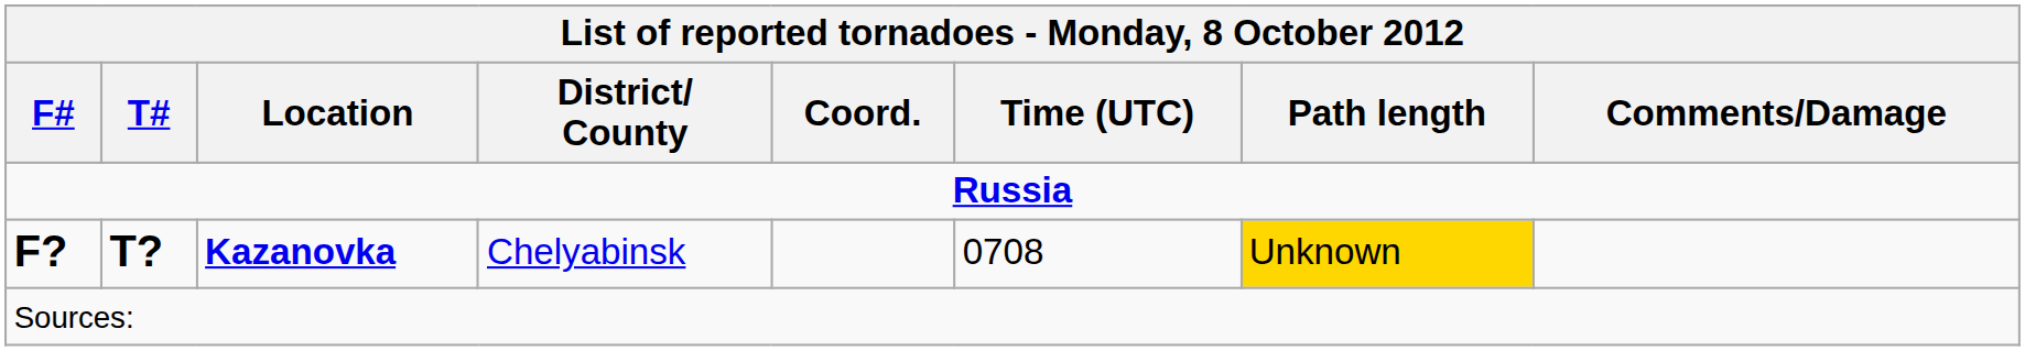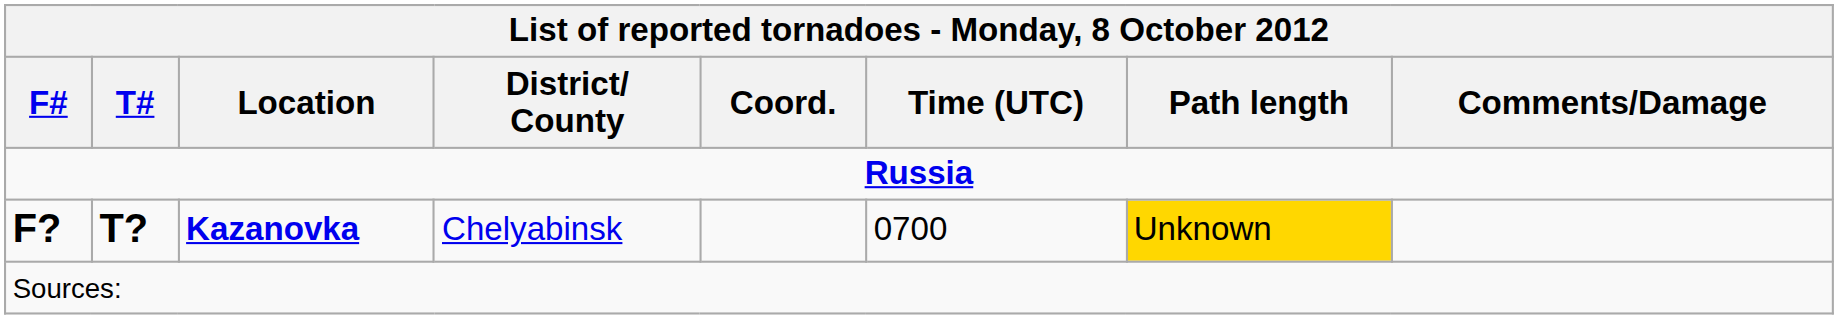 <table class="wikitable collapsible" width="100%">
 <tr>
 <th colspan="8">List of reported tornadoes - Monday, 8 October 2012</th>
 </tr>
 <tr>
 <th><a href='#'>F#</a></th>
 <th><a href='#'>T#</a></th>
 <th>Location</th>
 <th>District/<br>County</th>
 <th>Coord.</th>
 <th>Time (UTC)</th>
 <th>Path length</th>
 <th>Comments/Damage</th>
 </tr>
 <tr>
 <td colspan="8" align=center><strong><a href='#'>Russia</a></strong></td>
 </tr>
 <tr>
 <td><big><strong>F?</strong></big></td>
 <td><big><strong>T?</strong></big></td>
 <td><strong><a href='#'>Kazanovka</a></strong></td>
 <td><a href='#'>Chelyabinsk</a></td>
 <td></td>
-<td>0708</td>
+<td>0700</td>
 <td style="background: gold;">Unknown</td>
 <td></td>
 </tr>
 <tr>
 <td colspan="8"><small>Sources:  </small></td>
 </tr>
 </table>
